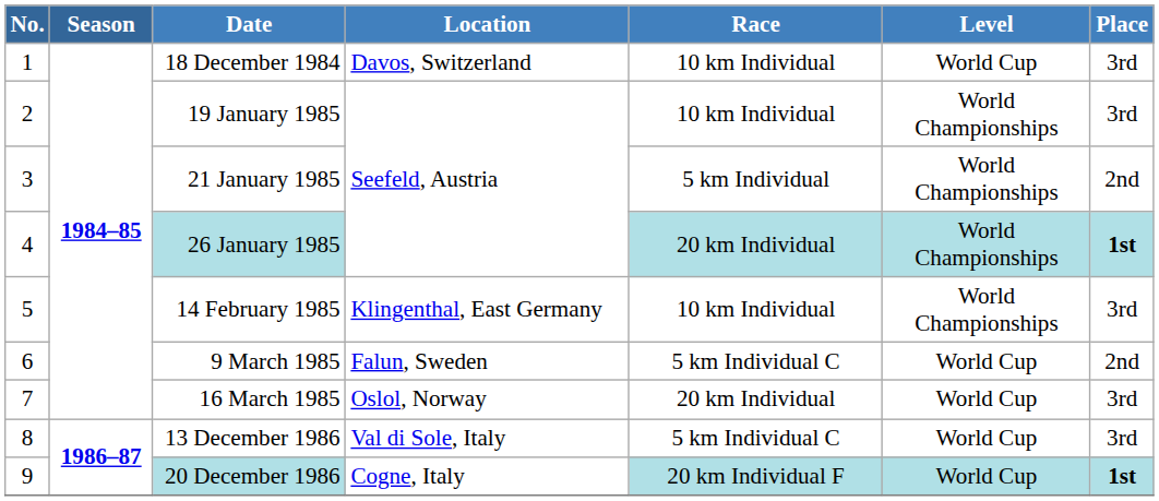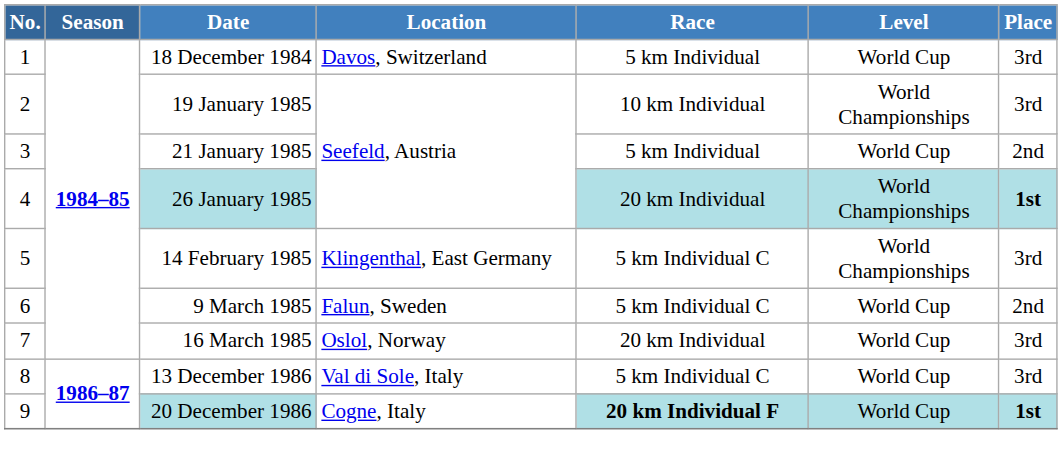 <table class="wikitable sortable" style="font-size:95%; text-align:center; border:grey solid 1px; border-collapse:collapse; background:#ffffff;">
 <tr style="background:#efefef;">
 <th style="background-color:#369; color:white;">No.</th>
 <th style="background-color:#369; color:white;">Season</th>
 <th style="background-color:#4180be; color:white; width:120px;">Date</th>
 <th style="background-color:#4180be; color:white; width:180px;">Location</th>
 <th style="background-color:#4180be; color:white; width:160px;">Race</th>
 <th style="background-color:#4180be; color:white; width:130px;">Level</th>
 <th style="background-color:#4180be; color:white;">Place</th>
 </tr>
 <tr>
 <td align=center>1</td>
 <td rowspan=7 align=center><strong> <a href='#'>1984–85</a> </strong></td>
 <td align=right>18 December 1984</td>
 <td align=left> <a href='#'>Davos</a>, Switzerland</td>
-<td>10 km Individual</td>
+<td>5 km Individual</td>
 <td>World Cup</td>
 <td>3rd</td>
 </tr>
 <tr>
 <td align=center>2</td>
 <td align=right>19 January 1985</td>
 <td rowspan=3 align=left> <a href='#'>Seefeld</a>, Austria</td>
 <td>10 km Individual</td>
 <td>World Championships</td>
 <td>3rd</td>
 </tr>
 <tr>
 <td align=center>3</td>
 <td align=right>21 January 1985</td>
 <td>5 km Individual</td>
-<td>World Championships</td>
+<td>World Cup</td>
 <td>2nd</td>
 </tr>
 <tr>
 <td align=center>4</td>
 <td bgcolor="#BOEOE6" align=right>26 January 1985</td>
 <td bgcolor="#BOEOE6">20 km Individual</td>
 <td bgcolor="#BOEOE6">World Championships</td>
 <td bgcolor="#BOEOE6"><strong>1st</strong></td>
 </tr>
 <tr>
 <td align=center>5</td>
 <td align=right>14 February 1985</td>
 <td align=left> <a href='#'>Klingenthal</a>, East Germany</td>
-<td>10 km Individual</td>
+<td>5 km Individual  C</td>
 <td>World Championships</td>
 <td>3rd</td>
 </tr>
 <tr>
 <td align=center>6</td>
 <td align=right>9 March 1985</td>
 <td align=left> <a href='#'>Falun</a>, Sweden</td>
 <td>5 km Individual  C</td>
 <td>World Cup</td>
 <td>2nd</td>
 </tr>
 <tr>
 <td align=center>7</td>
 <td align=right>16 March 1985</td>
 <td align=left> <a href='#'>Oslol</a>, Norway</td>
 <td>20 km Individual</td>
 <td>World Cup</td>
 <td>3rd</td>
 </tr>
 <tr>
 <td align=center>8</td>
 <td rowspan=2 align=center><strong> <a href='#'>1986–87</a> </strong></td>
 <td align=right>13 December 1986</td>
 <td align=left> <a href='#'>Val di Sole</a>, Italy</td>
 <td>5 km Individual  C</td>
 <td>World Cup</td>
 <td>3rd</td>
 </tr>
 <tr>
 <td align=center>9</td>
 <td bgcolor="#BOEOE6" align=right>20 December 1986</td>
 <td align=left> <a href='#'>Cogne</a>, Italy</td>
-<td bgcolor="#BOEOE6">20 km Individual F</td>
+<td bgcolor="#BOEOE6"><strong>20 km Individual F</strong></td>
 <td bgcolor="#BOEOE6">World Cup</td>
 <td bgcolor="#BOEOE6"><strong>1st</strong></td>
 </tr>
 <tr>
 </tr>
 </table>
